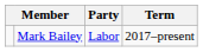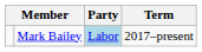 <table class="wikitable">
 <tr>
 <th colspan="2">Member</th>
 <th>Party</th>
 <th>Term</th>
 </tr>
 <tr>
 <td> </td>
 <td><a href='#'>Mark Bailey</a></td>
-<td><a href='#'>Labor</a></td>
+<td style="background: lightblue;"><a href='#'>Labor</a></td>
 <td>2017–present</td>
 </tr>
 </table>
